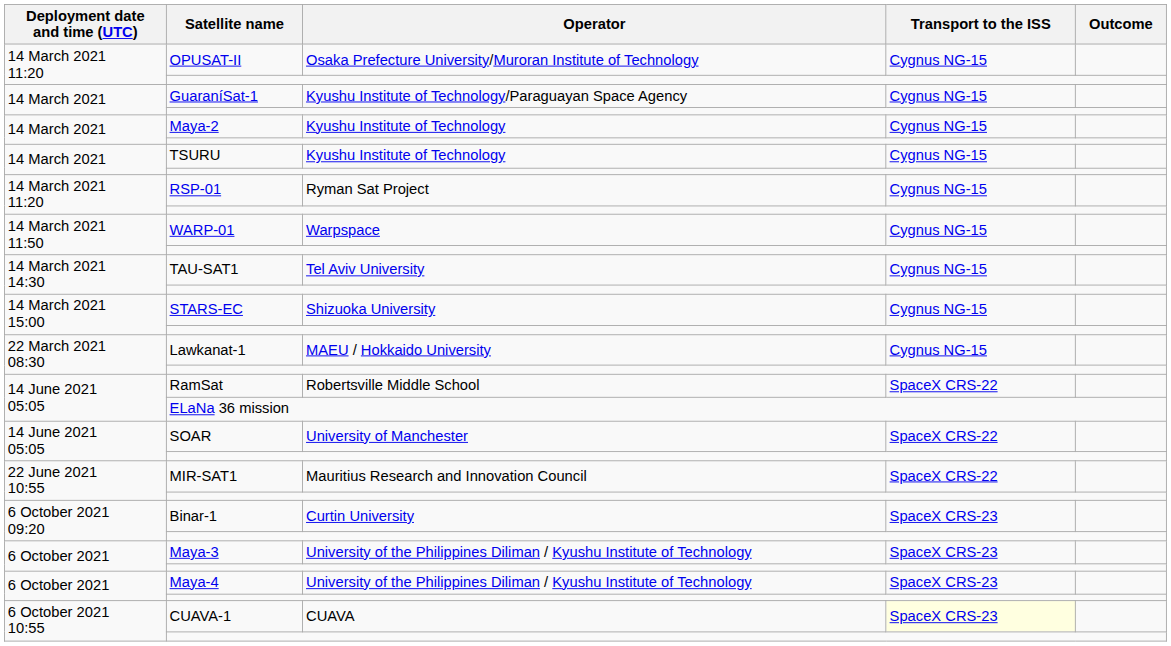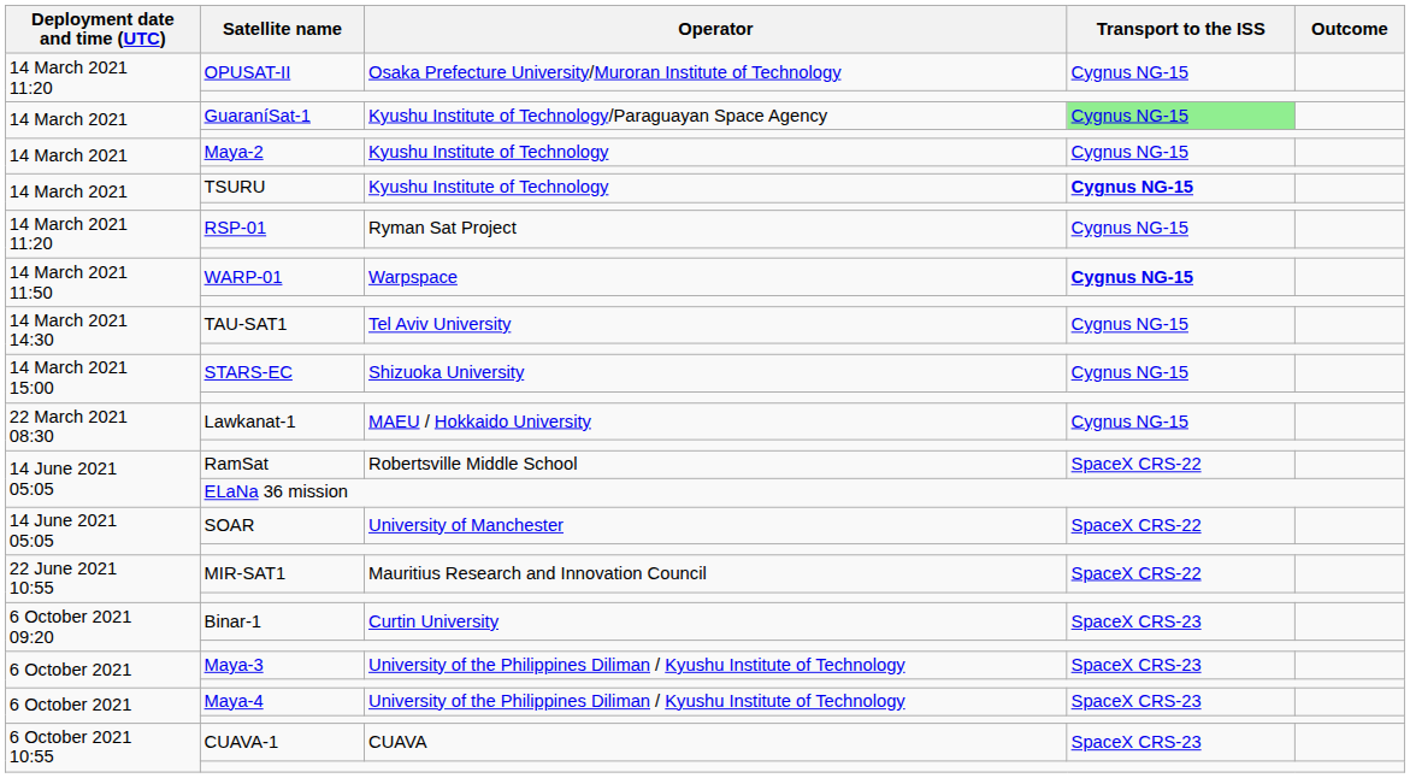 <table class="wikitable" style="width: 100%;">
 <tr>
 <th scope="col">Deployment date<br>and time (<a href='#'>UTC</a>)</th>
 <th scope="col">Satellite name</th>
 <th scope="col">Operator</th>
 <th scope="col">Transport to the ISS</th>
 <th scope="col">Outcome</th>
 </tr>
 <tr>
 <td rowspan=2>14 March 2021 <br> 11:20</td>
 <td> <a href='#'>OPUSAT-II</a></td>
 <td><a href='#'>Osaka Prefecture University</a>/<a href='#'>Muroran Institute of Technology</a></td>
 <td><a href='#'>Cygnus NG-15</a></td>
 <td></td>
 </tr>
 <tr>
 <td colspan=4></td>
 </tr>
 <tr>
 <td rowspan=2>14 March 2021</td>
 <td> <a href='#'>GuaraníSat-1</a></td>
 <td><a href='#'>Kyushu Institute of Technology</a>/Paraguayan Space Agency</td>
-<td><a href='#'>Cygnus NG-15</a></td>
+<td style="background: lightgreen;"><a href='#'>Cygnus NG-15</a></td>
 <td></td>
 </tr>
 <tr>
 <td colspan=4></td>
 </tr>
 <tr>
 <td rowspan=2>14 March 2021</td>
 <td> <a href='#'>Maya-2</a></td>
 <td><a href='#'>Kyushu Institute of Technology</a></td>
 <td><a href='#'>Cygnus NG-15</a></td>
 <td></td>
 </tr>
 <tr>
 <td colspan=4></td>
 </tr>
 <tr>
 <td rowspan=2>14 March 2021</td>
 <td> TSURU</td>
 <td><a href='#'>Kyushu Institute of Technology</a></td>
-<td><a href='#'>Cygnus NG-15</a></td>
+<td><strong><a href='#'>Cygnus NG-15</a></strong></td>
 <td></td>
 </tr>
 <tr>
 <td colspan=4></td>
 </tr>
 <tr>
 <td rowspan=2>14 March 2021 <br> 11:20</td>
 <td> <a href='#'>RSP-01</a></td>
 <td>Ryman Sat Project</td>
 <td><a href='#'>Cygnus NG-15</a></td>
 <td></td>
 </tr>
 <tr>
 <td colspan=4></td>
 </tr>
 <tr>
 <td rowspan=2>14 March 2021 <br> 11:50</td>
 <td> <a href='#'>WARP-01</a></td>
 <td><a href='#'>Warpspace</a></td>
-<td><a href='#'>Cygnus NG-15</a></td>
+<td><strong><a href='#'>Cygnus NG-15</a></strong></td>
 <td></td>
 </tr>
 <tr>
 <td colspan=4></td>
 </tr>
 <tr>
 <td rowspan=2>14 March 2021 <br> 14:30</td>
 <td> TAU-SAT1</td>
 <td><a href='#'>Tel Aviv University</a></td>
 <td><a href='#'>Cygnus NG-15</a></td>
 <td></td>
 </tr>
 <tr>
 <td colspan=4></td>
 </tr>
 <tr>
 <td rowspan=2>14 March 2021 <br> 15:00</td>
 <td> <a href='#'>STARS-EC</a></td>
 <td><a href='#'>Shizuoka University</a></td>
 <td><a href='#'>Cygnus NG-15</a></td>
 <td></td>
 </tr>
 <tr>
 <td colspan=4></td>
 </tr>
 <tr>
 <td rowspan=2>22 March 2021 <br> 08:30</td>
 <td>  Lawkanat-1</td>
 <td><a href='#'>MAEU</a> / <a href='#'>Hokkaido University</a></td>
 <td><a href='#'>Cygnus NG-15</a></td>
 <td></td>
 </tr>
 <tr>
 <td colspan=4></td>
 </tr>
 <tr>
 <td rowspan=2>14 June 2021 <br> 05:05</td>
 <td> RamSat</td>
 <td>Robertsville Middle School</td>
 <td><a href='#'>SpaceX CRS-22</a></td>
 <td></td>
 </tr>
 <tr>
 <td colspan=4><a href='#'>ELaNa</a> 36 mission</td>
 </tr>
 <tr>
 <td rowspan=2>14 June 2021 <br> 05:05</td>
 <td> SOAR</td>
 <td><a href='#'>University of Manchester</a></td>
 <td><a href='#'>SpaceX CRS-22</a></td>
 <td></td>
 </tr>
 <tr>
 <td colspan=4></td>
 </tr>
 <tr>
 <td rowspan=2>22 June 2021 <br> 10:55</td>
 <td> MIR-SAT1</td>
 <td>Mauritius Research and Innovation Council</td>
 <td><a href='#'>SpaceX CRS-22</a></td>
 <td></td>
 </tr>
 <tr>
 <td colspan=4></td>
 </tr>
 <tr>
 <td rowspan=2>6 October 2021 <br> 09:20</td>
 <td> Binar-1</td>
 <td><a href='#'>Curtin University</a></td>
 <td><a href='#'>SpaceX CRS-23</a></td>
 <td></td>
 </tr>
 <tr>
 <td colspan=4></td>
 </tr>
 <tr>
 <td rowspan=2>6 October 2021</td>
 <td> <a href='#'>Maya-3</a></td>
 <td><a href='#'>University of the Philippines Diliman</a> / <a href='#'>Kyushu Institute of Technology</a></td>
 <td><a href='#'>SpaceX CRS-23</a></td>
 <td></td>
 </tr>
 <tr>
 <td colspan=4></td>
 </tr>
 <tr>
 <td rowspan=2>6 October 2021</td>
 <td> <a href='#'>Maya-4</a></td>
 <td><a href='#'>University of the Philippines Diliman</a> / <a href='#'>Kyushu Institute of Technology</a></td>
 <td><a href='#'>SpaceX CRS-23</a></td>
 <td></td>
 </tr>
 <tr>
 <td colspan=4></td>
 </tr>
 <tr>
 <td rowspan=2>6 October 2021 <br> 10:55</td>
 <td> CUAVA-1</td>
 <td>CUAVA</td>
-<td style="background: lightyellow;"><a href='#'>SpaceX CRS-23</a></td>
+<td><a href='#'>SpaceX CRS-23</a></td>
 <td></td>
 </tr>
 <tr>
 <td colspan=4></td>
 </tr>
 </table>
